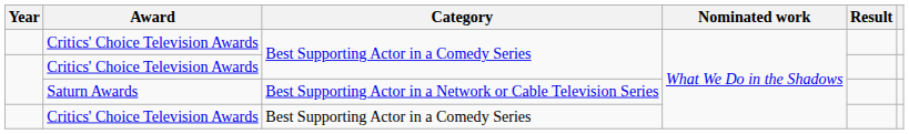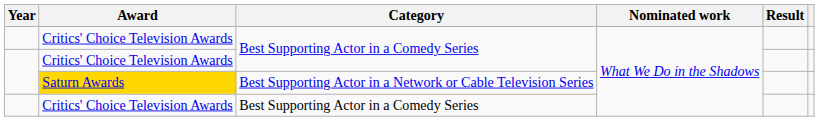 <table class="wikitable sortable">
 <tr>
 <th>Year</th>
 <th>Award</th>
 <th>Category</th>
 <th>Nominated work</th>
 <th>Result</th>
 <th></th>
 </tr>
 <tr>
 <td></td>
 <td><a href='#'>Critics' Choice Television Awards</a></td>
 <td rowspan="2"><a href='#'>Best Supporting Actor in a Comedy Series</a></td>
 <td rowspan="4"><em><a href='#'>What We Do in the Shadows</a></em></td>
 <td></td>
 <td></td>
 </tr>
 <tr>
 <td rowspan="2"></td>
 <td><a href='#'>Critics' Choice Television Awards</a></td>
 <td></td>
 <td></td>
 </tr>
 <tr>
-<td><a href='#'>Saturn Awards</a></td>
+<td style="background: gold;"><a href='#'>Saturn Awards</a></td>
 <td><a href='#'>Best Supporting Actor in a Network or Cable Television Series</a></td>
 <td></td>
 <td></td>
 </tr>
 <tr>
 <td></td>
 <td><a href='#'>Critics' Choice Television Awards</a></td>
 <td>Best Supporting Actor in a Comedy Series</td>
 <td></td>
 <td></td>
 </tr>
 </table>
